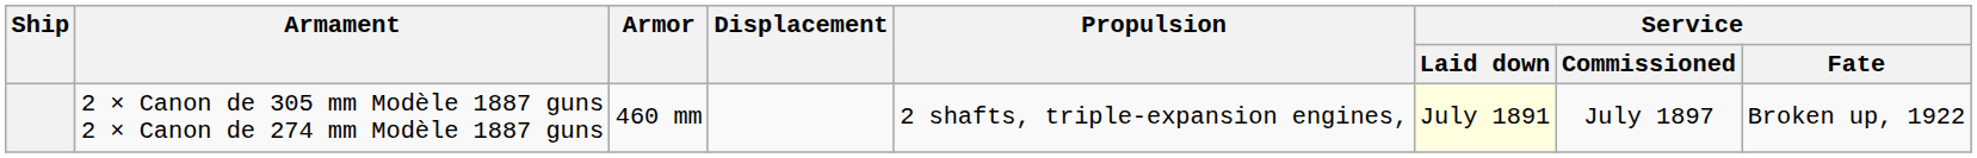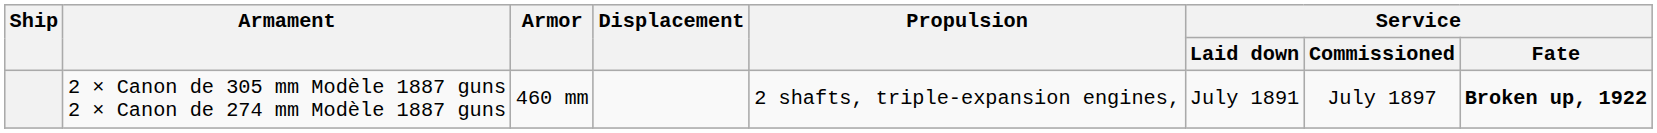 <table class="wikitable plainrowheaders" style="text-align: center;">
 <tr valign="top">
 <th scope="col" rowspan="2">Ship</th>
 <th scope="col" rowspan="2">Armament</th>
 <th scope="col" rowspan="2">Armor</th>
 <th scope="col" rowspan="2">Displacement</th>
 <th scope="col" rowspan="2">Propulsion</th>
 <th scope="col" colspan="3">Service</th>
 </tr>
 <tr valign="top">
 <th scope="col">Laid down</th>
 <th scope="col">Commissioned</th>
 <th scope="col">Fate</th>
 </tr>
 <tr valign="center">
 <th scope="row"></th>
 <td>2 × Canon de 305 mm Modèle 1887 guns<br>2 × Canon de 274 mm Modèle 1887 guns</td>
 <td>460 mm</td>
 <td></td>
 <td>2 shafts, triple-expansion engines, </td>
-<td style="background: lightyellow;">July 1891</td>
+<td>July 1891</td>
 <td>July 1897</td>
-<td>Broken up, 1922</td>
+<td><strong>Broken up, 1922</strong></td>
 </tr>
 </table>
